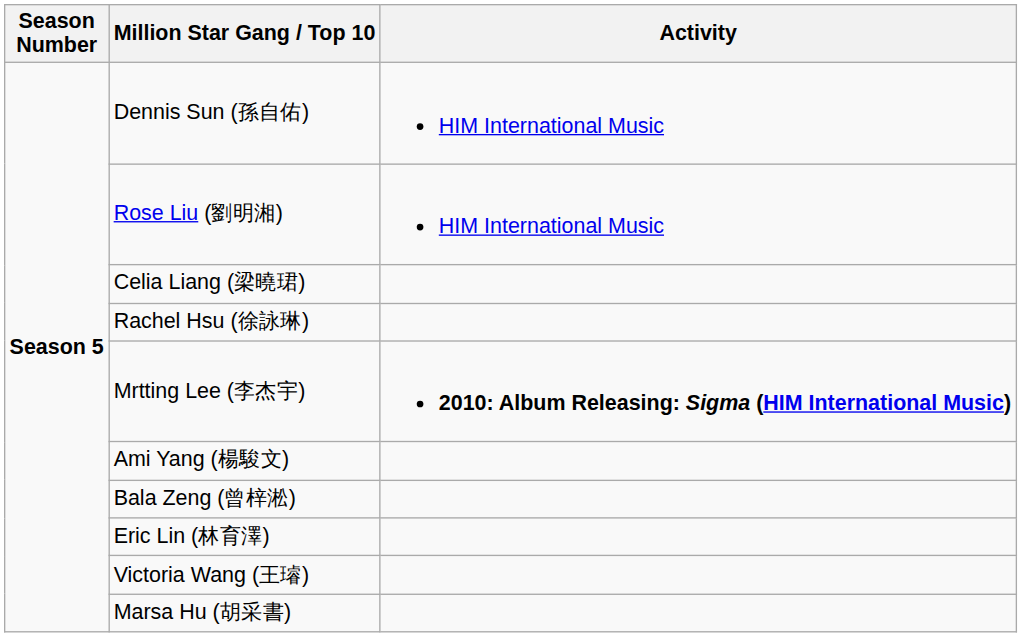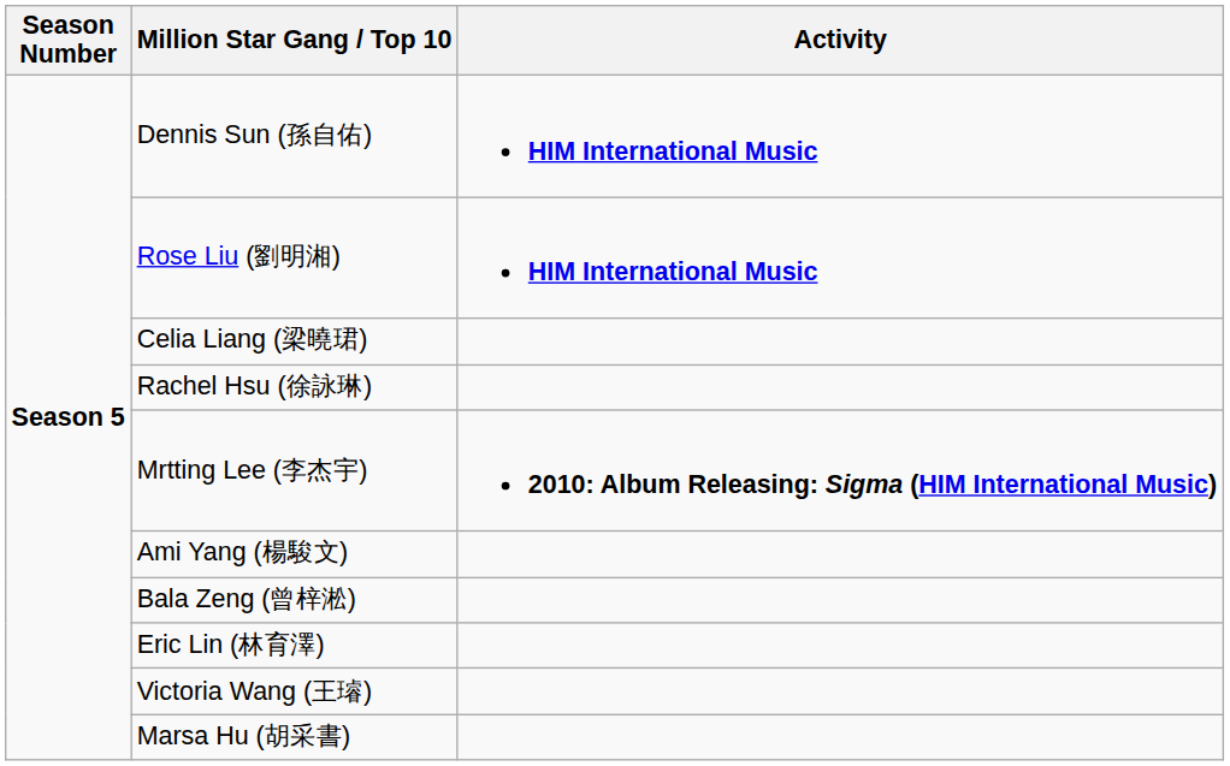 <table class="wikitable">
 <tr>
 <th align="center">Season<br>Number</th>
 <th align="center">Million Star Gang / Top 10</th>
 <th align="center">Activity</th>
 </tr>
 <tr>
 <td rowspan="10"><strong>Season 5</strong></td>
 <td>Dennis Sun (孫自佑)</td>
-<td><br><ul><li><a href='#'>HIM International Music</a></li></ul></td>
+<td><strong><br><ul><li><a href='#'>HIM International Music</a></li></ul></strong></td>
 </tr>
 <tr>
 <td><a href='#'>Rose Liu</a> (劉明湘)</td>
-<td><br><ul><li><a href='#'>HIM International Music</a></li></ul></td>
+<td><strong><br><ul><li><a href='#'>HIM International Music</a></li></ul></strong></td>
 </tr>
 <tr>
 <td>Celia Liang (梁曉珺)</td>
 <td></td>
 </tr>
 <tr>
 <td>Rachel Hsu (徐詠琳)</td>
 <td></td>
 </tr>
 <tr>
 <td>Mrtting Lee (李杰宇)</td>
 <td><strong><br><ul><li>2010: Album Releasing: <em>Sigma</em> (<a href='#'>HIM International Music</a>)</li></ul></strong></td>
 </tr>
 <tr>
 <td>Ami Yang (楊駿文)</td>
 <td></td>
 </tr>
 <tr>
 <td>Bala Zeng (曾梓淞)</td>
 <td></td>
 </tr>
 <tr>
 <td>Eric Lin (林育澤)</td>
 <td></td>
 </tr>
 <tr>
 <td>Victoria Wang (王璿)</td>
 <td></td>
 </tr>
 <tr>
 <td>Marsa Hu (胡采書)</td>
 <td></td>
 </tr>
 </table>
